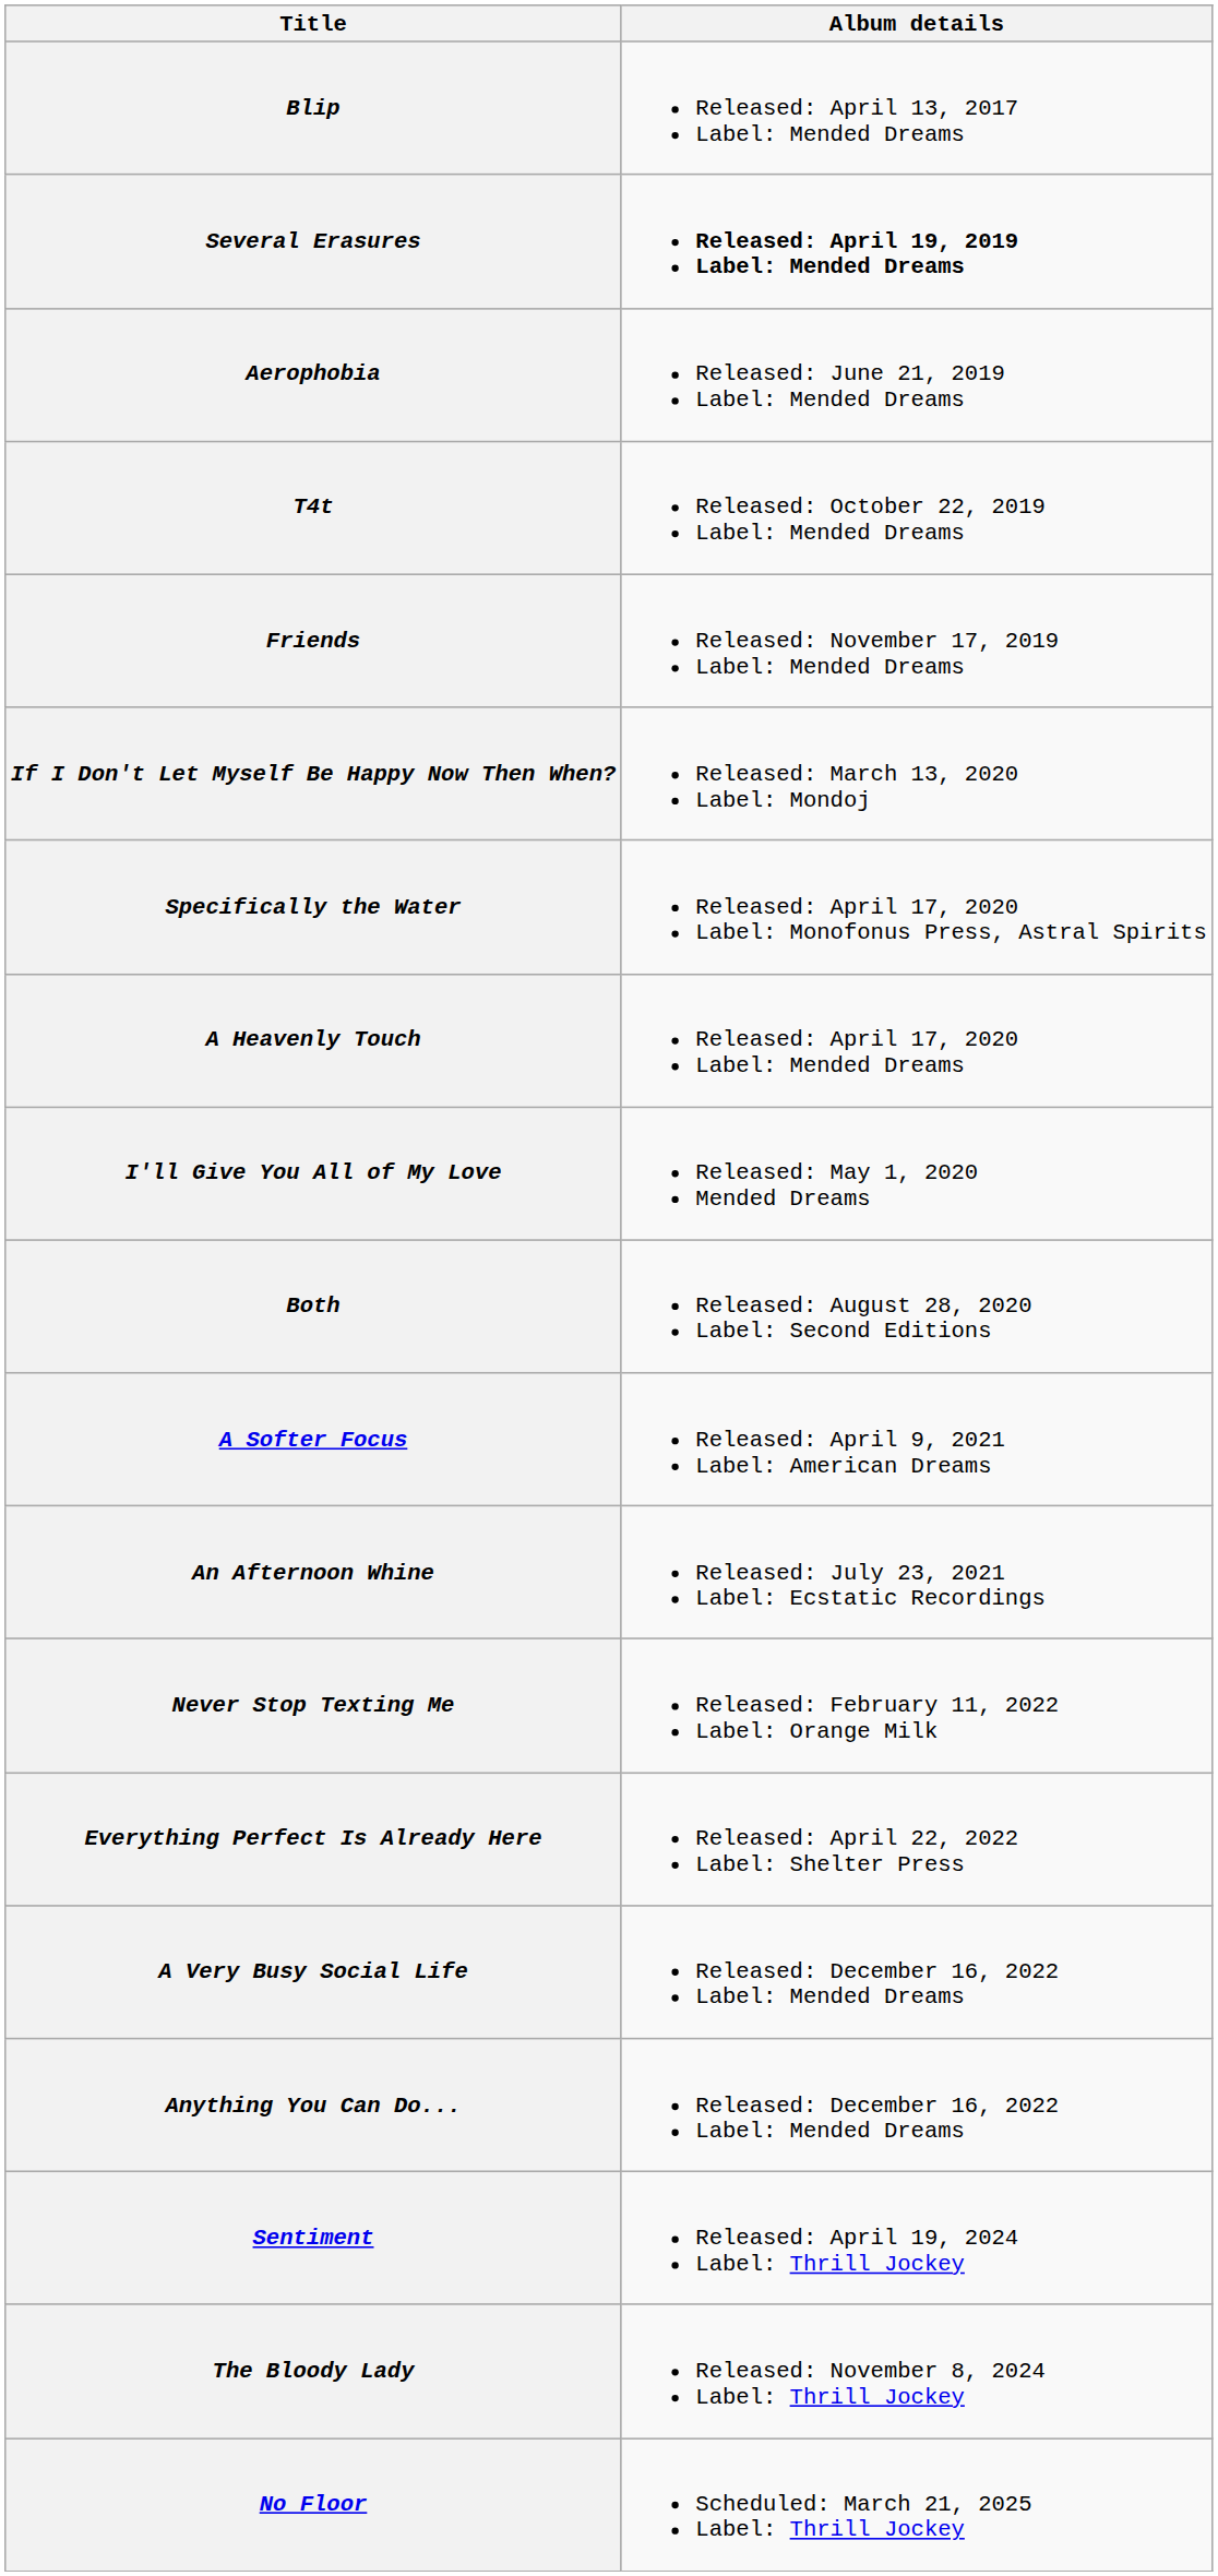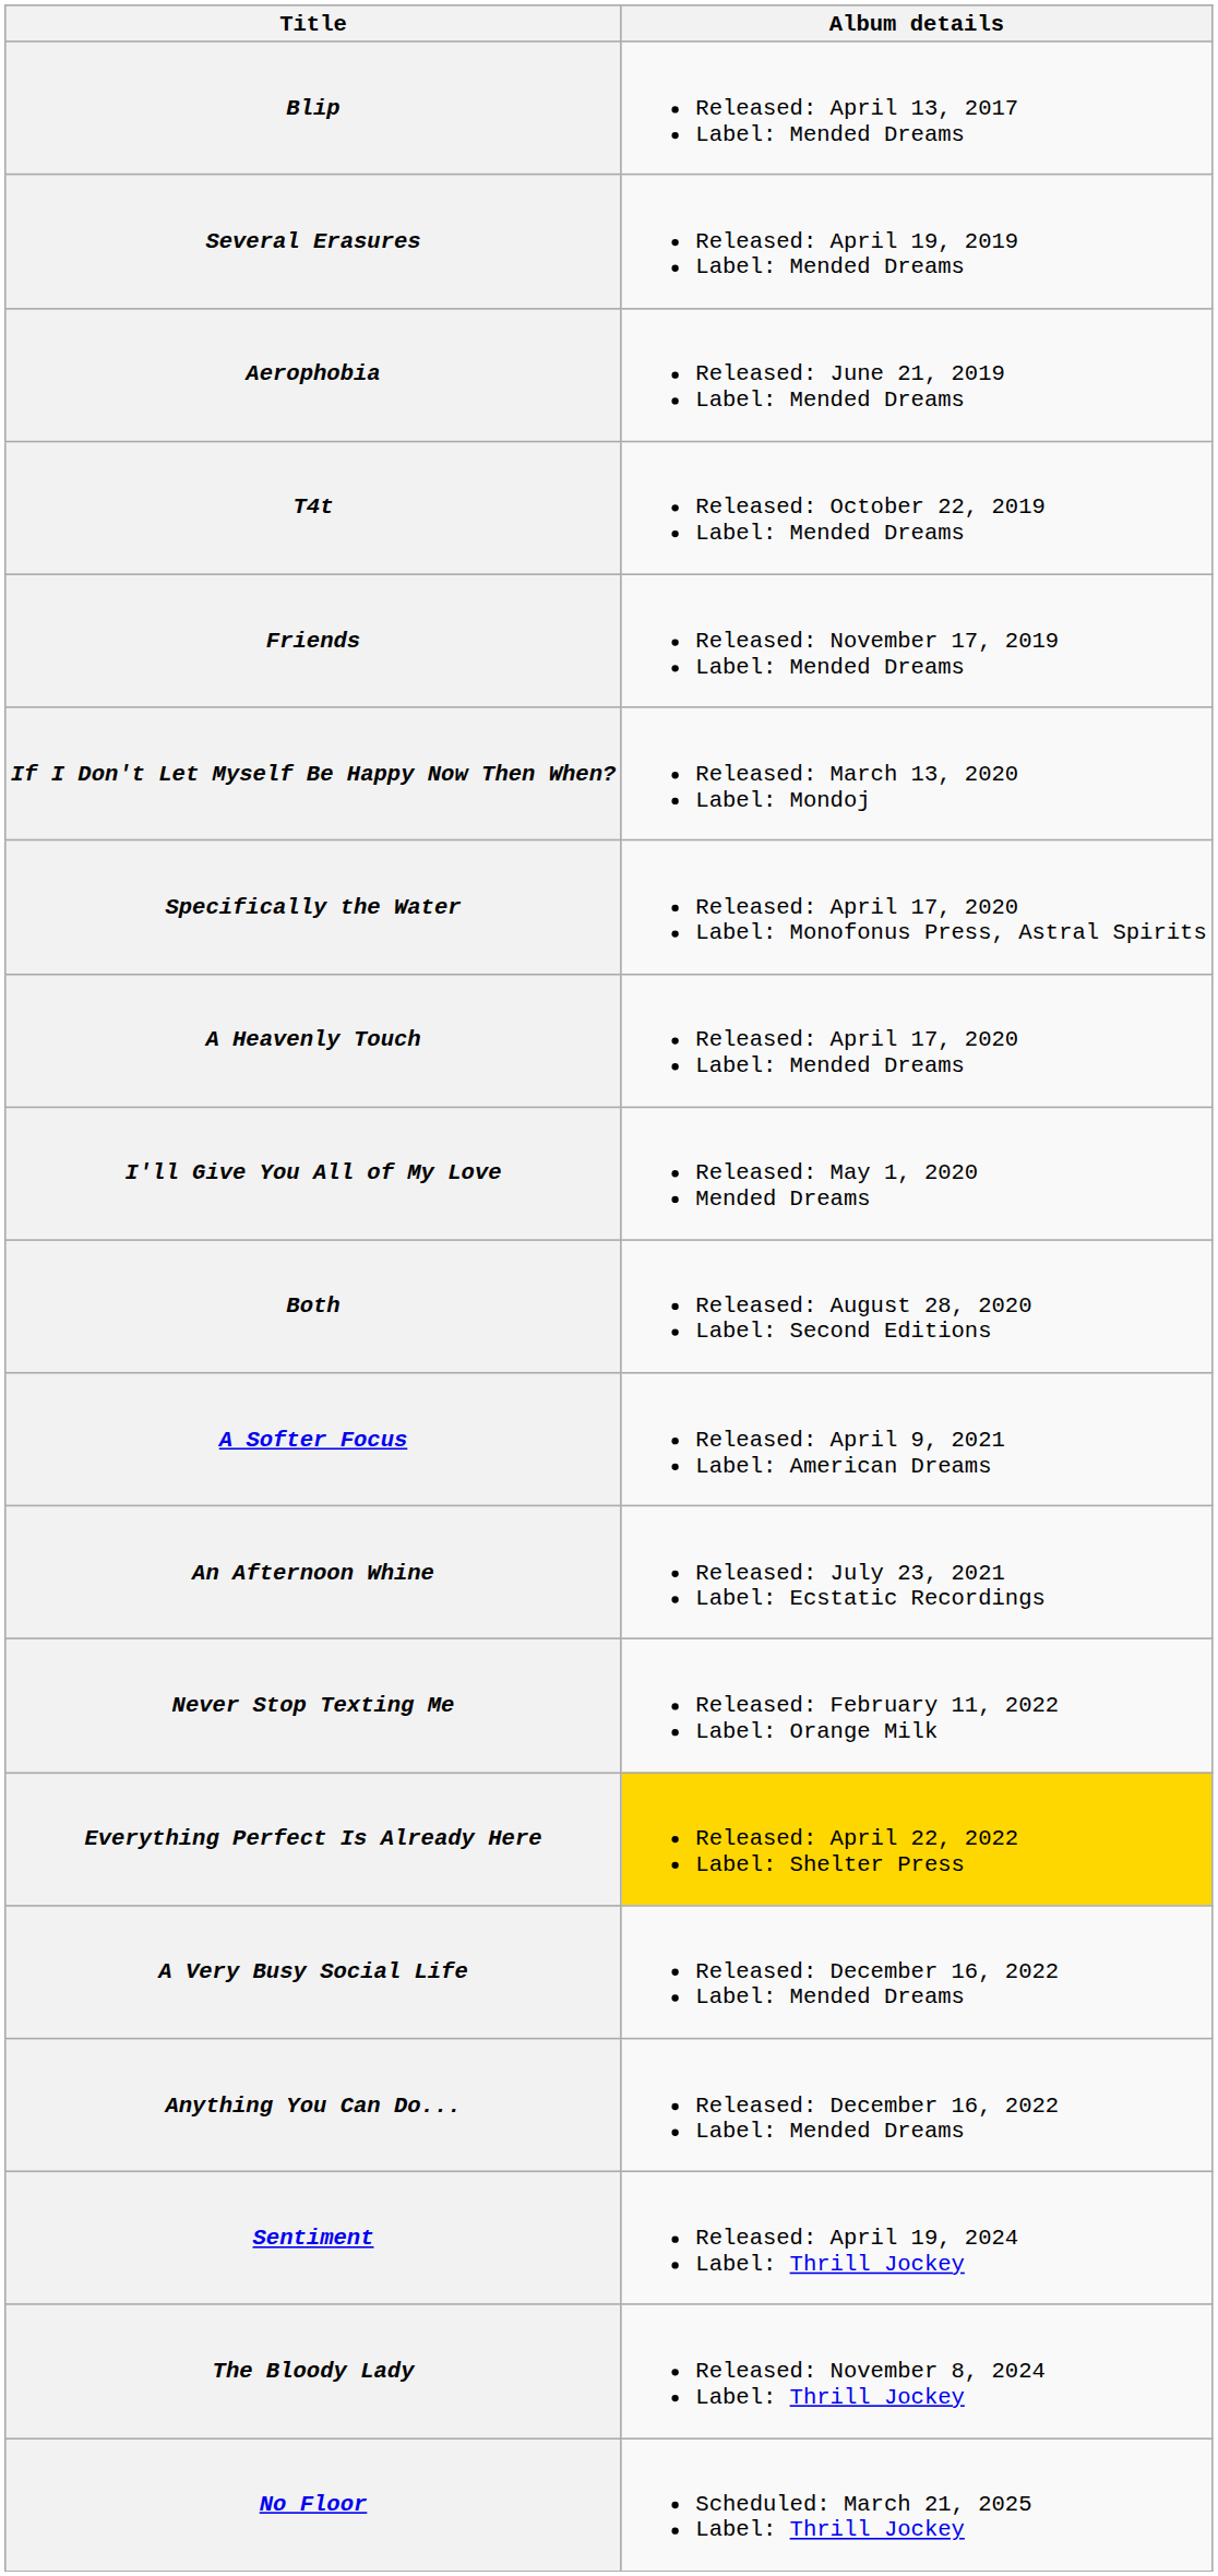 <table class="wikitable plainrowheaders">
 <tr>
 <th>Title</th>
 <th>Album details</th>
 </tr>
 <tr>
 <th scope=row><em>Blip</em></th>
 <td><br><ul><li>Released: April 13, 2017</li><li>Label: Mended Dreams</li></ul></td>
 </tr>
 <tr>
 <th scope=row><em>Several Erasures</em></th>
-<td><strong><br><ul><li>Released: April 19, 2019</li><li>Label: Mended Dreams</li></ul></strong></td>
+<td><br><ul><li>Released: April 19, 2019</li><li>Label: Mended Dreams</li></ul></td>
 </tr>
 <tr>
 <th scope=row><em>Aerophobia</em></th>
 <td><br><ul><li>Released: June 21, 2019</li><li>Label: Mended Dreams</li></ul></td>
 </tr>
 <tr>
 <th scope=row><em>T4t</em></th>
 <td><br><ul><li>Released: October 22, 2019</li><li>Label: Mended Dreams</li></ul></td>
 </tr>
 <tr>
 <th scope=row><em>Friends</em></th>
 <td><br><ul><li>Released: November 17, 2019</li><li>Label: Mended Dreams</li></ul></td>
 </tr>
 <tr>
 <th scope=row><em>If I Don't Let Myself Be Happy Now Then When?</em><br></th>
 <td><br><ul><li>Released: March 13, 2020</li><li>Label: Mondoj</li></ul></td>
 </tr>
 <tr>
 <th scope=row><em>Specifically the Water</em><br></th>
 <td><br><ul><li>Released: April 17, 2020</li><li>Label: Monofonus Press, Astral Spirits</li></ul></td>
 </tr>
 <tr>
 <th scope=row><em>A Heavenly Touch</em></th>
 <td><br><ul><li>Released: April 17, 2020</li><li>Label: Mended Dreams</li></ul></td>
 </tr>
 <tr>
 <th scope=row><em>I'll Give You All of My Love</em></th>
 <td><br><ul><li>Released: May 1, 2020</li><li>Mended Dreams</li></ul></td>
 </tr>
 <tr>
 <th scope=row><em>Both</em></th>
 <td><br><ul><li>Released: August 28, 2020</li><li>Label: Second Editions</li></ul></td>
 </tr>
 <tr>
 <th scope=row><em><a href='#'>A Softer Focus</a></em></th>
 <td><br><ul><li>Released: April 9, 2021</li><li>Label: American Dreams</li></ul></td>
 </tr>
 <tr>
 <th scope=row><em>An Afternoon Whine</em><br></th>
 <td><br><ul><li>Released: July 23, 2021</li><li>Label: Ecstatic Recordings</li></ul></td>
 </tr>
 <tr>
 <th scope=row><em>Never Stop Texting Me</em><br></th>
 <td><br><ul><li>Released: February 11, 2022</li><li>Label: Orange Milk</li></ul></td>
 </tr>
 <tr>
 <th scope=row><em>Everything Perfect Is Already Here</em></th>
-<td><br><ul><li>Released: April 22, 2022</li><li>Label: Shelter Press</li></ul></td>
+<td style="background: gold;"><br><ul><li>Released: April 22, 2022</li><li>Label: Shelter Press</li></ul></td>
 </tr>
 <tr>
 <th scope=row><em>A Very Busy Social Life</em><br></th>
 <td><br><ul><li>Released: December 16, 2022</li><li>Label: Mended Dreams</li></ul></td>
 </tr>
 <tr>
 <th scope=row><em>Anything You Can Do...</em><br></th>
 <td><br><ul><li>Released: December 16, 2022</li><li>Label: Mended Dreams</li></ul></td>
 </tr>
 <tr>
 <th scope=row><a href='#'><em>Sentiment</em></a></th>
 <td><br><ul><li>Released: April 19, 2024</li><li>Label: <a href='#'>Thrill Jockey</a></li></ul></td>
 </tr>
 <tr>
 <th scope=row><em>The Bloody Lady</em></th>
 <td><br><ul><li>Released: November 8, 2024</li><li>Label: <a href='#'>Thrill Jockey</a></li></ul></td>
 </tr>
 <tr>
 <th scope=row><em><a href='#'>No Floor</a></em></th>
 <td><br><ul><li>Scheduled: March 21, 2025</li><li>Label: <a href='#'>Thrill Jockey</a></li></ul></td>
 </tr>
 </table>
